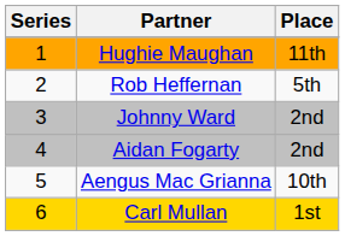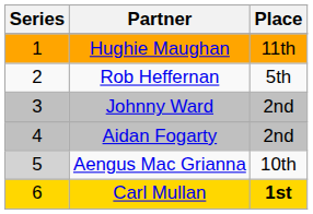 <table class="wikitable sortable" style="margin:auto; text-align:center;">
 <tr>
 <th>Series</th>
 <th>Partner</th>
 <th>Place</th>
 </tr>
 <tr>
 </tr>
 <tr bgcolor="orange">
 <td>1</td>
 <td><a href='#'>Hughie Maughan</a></td>
 <td>11th</td>
 </tr>
 <tr>
 <td>2</td>
 <td><a href='#'>Rob Heffernan</a></td>
 <td>5th</td>
 </tr>
 <tr bgcolor="silver">
 <td>3</td>
 <td><a href='#'>Johnny Ward</a></td>
 <td>2nd</td>
 </tr>
 <tr bgcolor="silver">
 <td>4</td>
 <td><a href='#'>Aidan Fogarty</a></td>
 <td>2nd</td>
 </tr>
 <tr>
-<td>5</td>
+<td style="background: lightgrey;">5</td>
 <td><a href='#'>Aengus Mac Grianna</a></td>
 <td>10th</td>
 </tr>
 <tr bgcolor="gold">
 <td>6</td>
 <td><a href='#'>Carl Mullan</a></td>
-<td>1st</td>
+<td><strong>1st</strong></td>
 </tr>
 </table>
